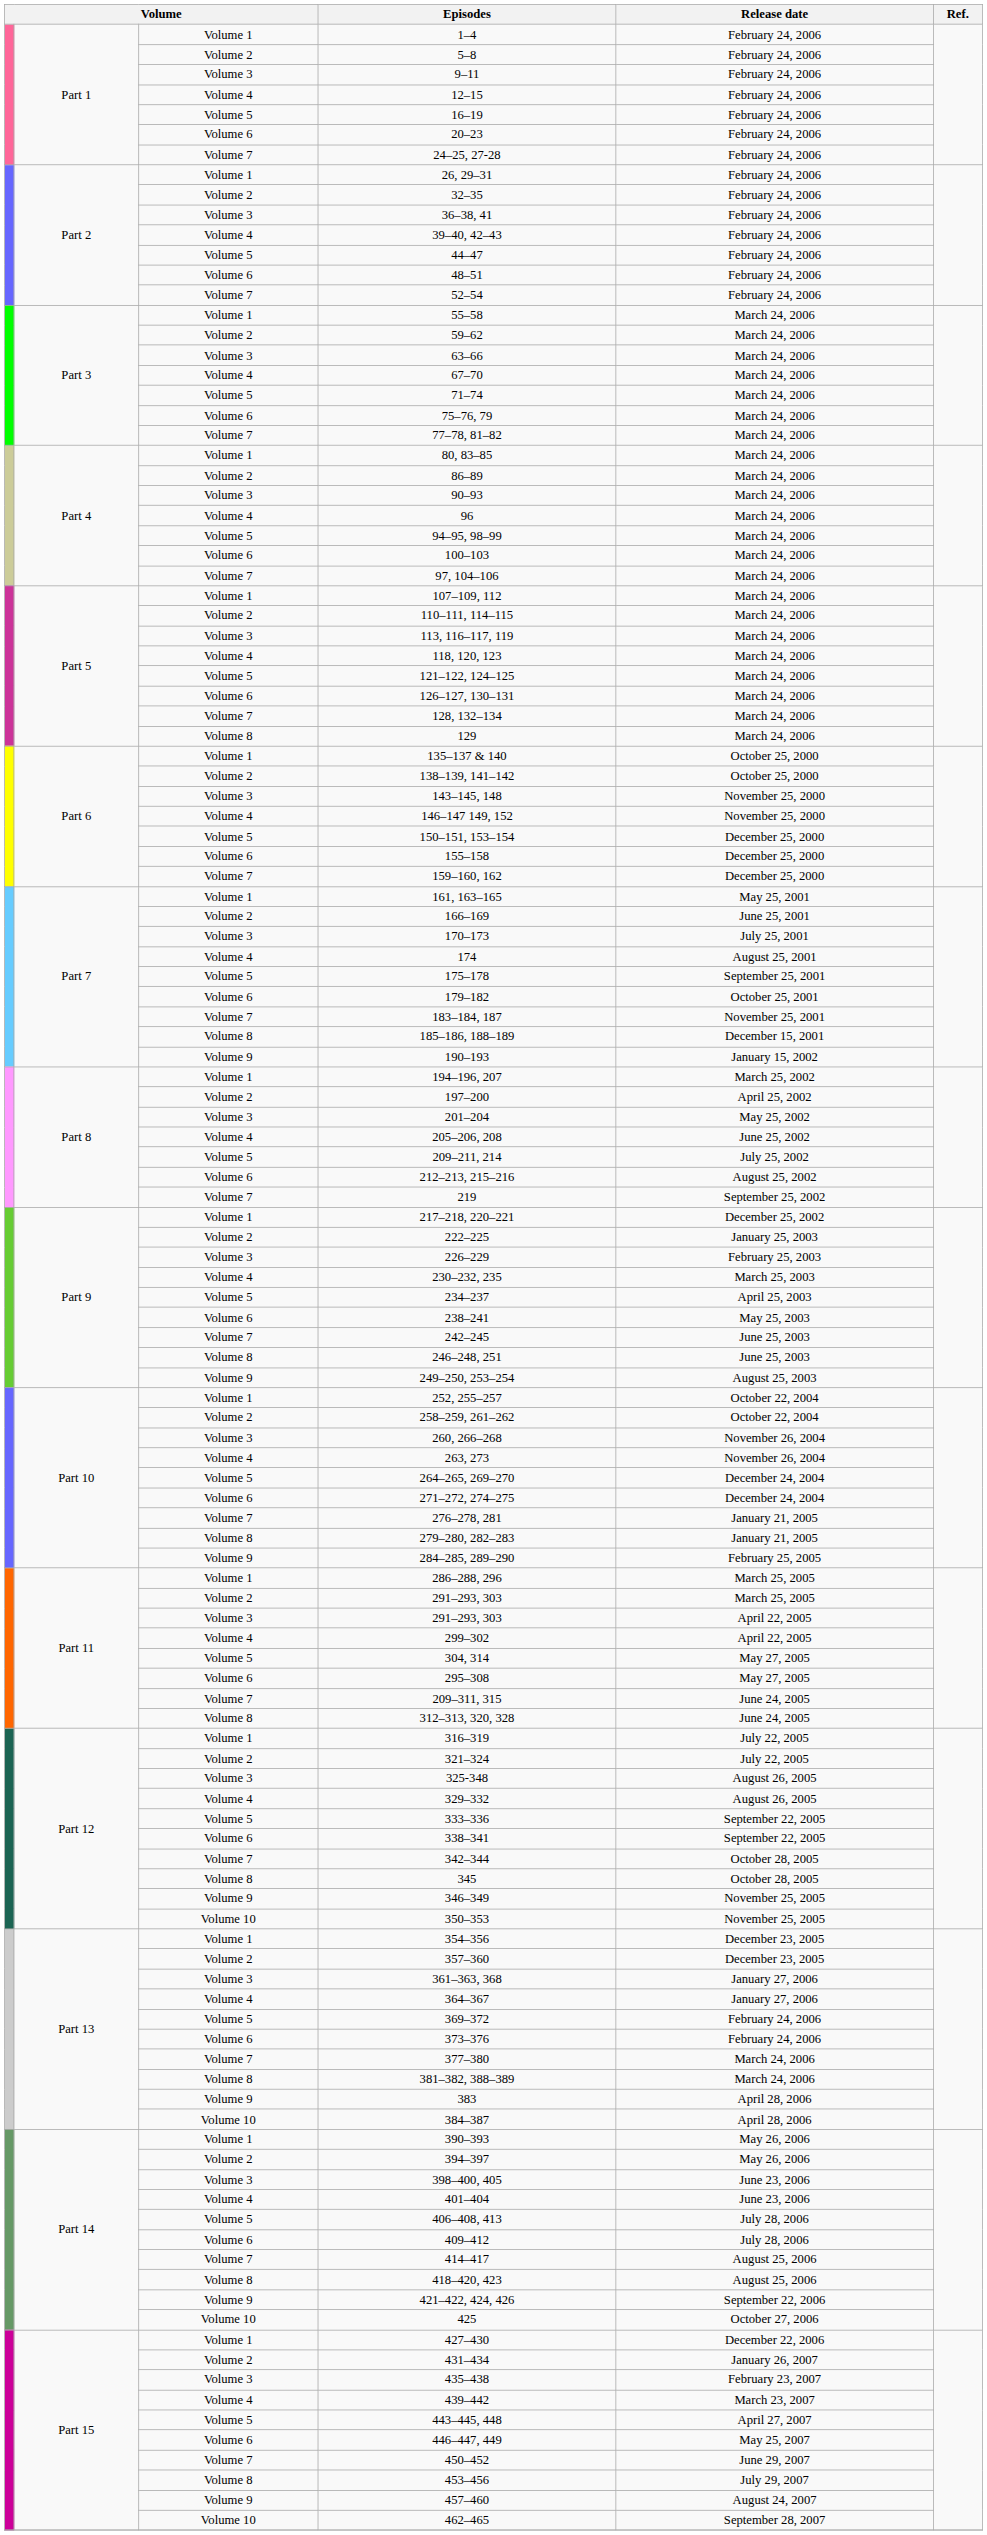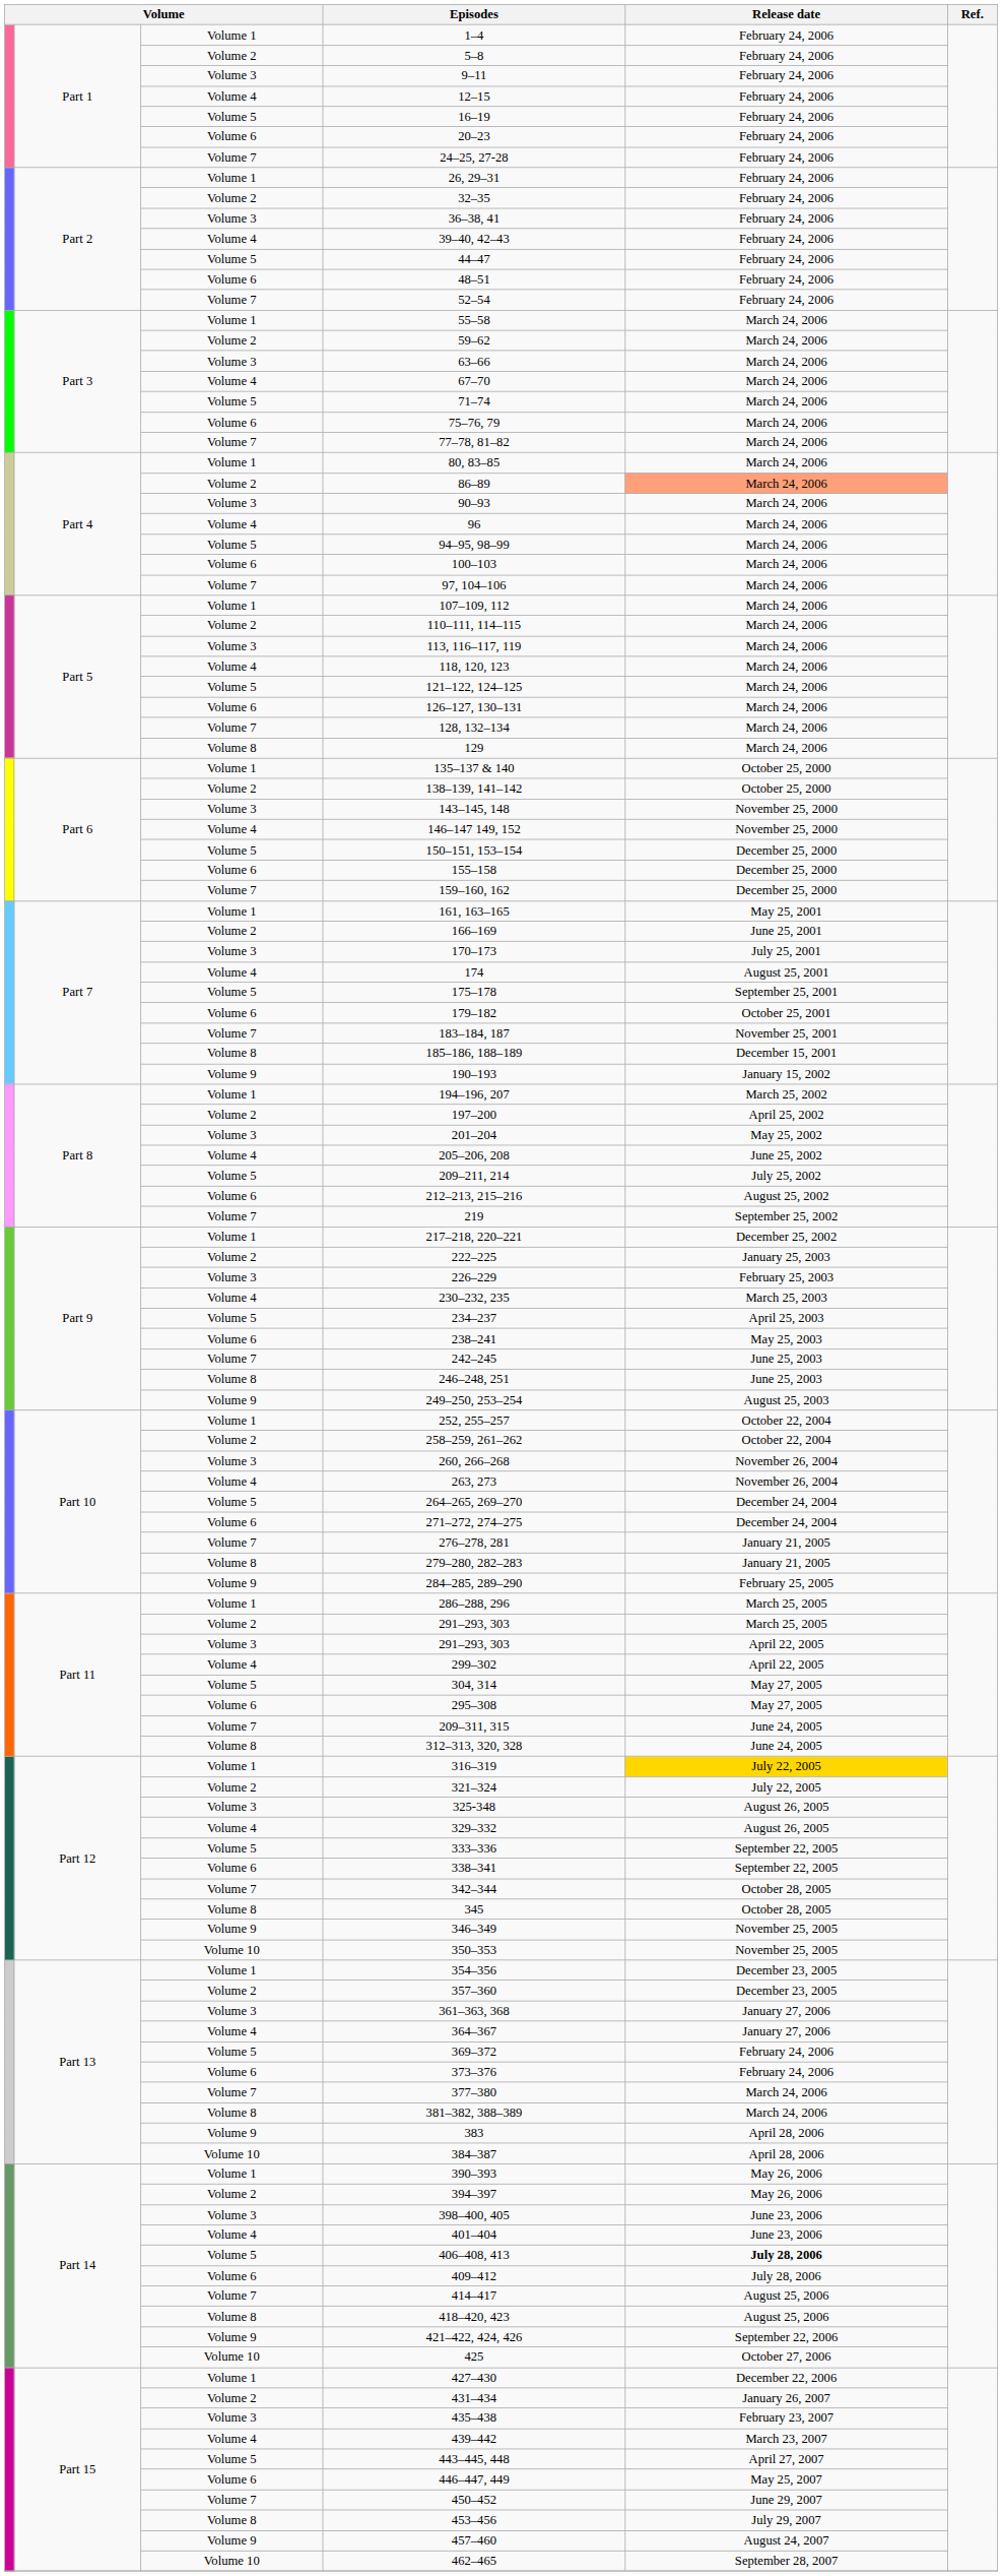 <table class="wikitable" style="text-align: center; width: 98%;">
 <tr>
 <th colspan="3">Volume</th>
 <th>Episodes</th>
 <th>Release date</th>
 <th width="5%">Ref.</th>
 </tr>
 <tr>
 <td rowspan="7" width="1%" style="background: #FF6699;"></td>
 <td rowspan="7">Part 1</td>
 <td>Volume 1</td>
 <td>1–4</td>
 <td>February 24, 2006</td>
 <td rowspan="7"></td>
 </tr>
 <tr>
 <td>Volume 2</td>
 <td>5–8</td>
 <td>February 24, 2006</td>
 </tr>
 <tr>
 <td>Volume 3</td>
 <td>9–11</td>
 <td>February 24, 2006</td>
 </tr>
 <tr>
 <td>Volume 4</td>
 <td>12–15</td>
 <td>February 24, 2006</td>
 </tr>
 <tr>
 <td>Volume 5</td>
 <td>16–19</td>
 <td>February 24, 2006</td>
 </tr>
 <tr>
 <td>Volume 6</td>
 <td>20–23</td>
 <td>February 24, 2006</td>
 </tr>
 <tr>
 <td>Volume 7</td>
 <td>24–25, 27-28</td>
 <td>February 24, 2006</td>
 </tr>
 <tr>
 <td rowspan="7" width="1%" style="background: #6666FF;"></td>
 <td rowspan="7">Part 2</td>
 <td>Volume 1</td>
 <td>26, 29–31</td>
 <td>February 24, 2006</td>
 <td rowspan="7"></td>
 </tr>
 <tr>
 <td>Volume 2</td>
 <td>32–35</td>
 <td>February 24, 2006</td>
 </tr>
 <tr>
 <td>Volume 3</td>
 <td>36–38, 41</td>
 <td>February 24, 2006</td>
 </tr>
 <tr>
 <td>Volume 4</td>
 <td>39–40, 42–43</td>
 <td>February 24, 2006</td>
 </tr>
 <tr>
 <td>Volume 5</td>
 <td>44–47</td>
 <td>February 24, 2006</td>
 </tr>
 <tr>
 <td>Volume 6</td>
 <td>48–51</td>
 <td>February 24, 2006</td>
 </tr>
 <tr>
 <td>Volume 7</td>
 <td>52–54</td>
 <td>February 24, 2006</td>
 </tr>
 <tr>
 <td rowspan="7" width="1%" style="background: #00FF00;"></td>
 <td rowspan="7">Part 3</td>
 <td>Volume 1</td>
 <td>55–58</td>
 <td>March 24, 2006</td>
 <td rowspan="7"></td>
 </tr>
 <tr>
 <td>Volume 2</td>
 <td>59–62</td>
 <td>March 24, 2006</td>
 </tr>
 <tr>
 <td>Volume 3</td>
 <td>63–66</td>
 <td>March 24, 2006</td>
 </tr>
 <tr>
 <td>Volume 4</td>
 <td>67–70</td>
 <td>March 24, 2006</td>
 </tr>
 <tr>
 <td>Volume 5</td>
 <td>71–74</td>
 <td>March 24, 2006</td>
 </tr>
 <tr>
 <td>Volume 6</td>
 <td>75–76, 79</td>
 <td>March 24, 2006</td>
 </tr>
 <tr>
 <td>Volume 7</td>
 <td>77–78, 81–82</td>
 <td>March 24, 2006</td>
 </tr>
 <tr>
 <td rowspan="7" width="1%" style="background: #CCCC99;"></td>
 <td rowspan="7">Part 4</td>
 <td>Volume 1</td>
 <td>80, 83–85</td>
 <td>March 24, 2006</td>
 <td rowspan="7"></td>
 </tr>
 <tr>
 <td>Volume 2</td>
 <td>86–89</td>
-<td>March 24, 2006</td>
+<td style="background: lightsalmon;">March 24, 2006</td>
 </tr>
 <tr>
 <td>Volume 3</td>
 <td>90–93</td>
 <td>March 24, 2006</td>
 </tr>
 <tr>
 <td>Volume 4</td>
 <td>96</td>
 <td>March 24, 2006</td>
 </tr>
 <tr>
 <td>Volume 5</td>
 <td>94–95, 98–99</td>
 <td>March 24, 2006</td>
 </tr>
 <tr>
 <td>Volume 6</td>
 <td>100–103</td>
 <td>March 24, 2006</td>
 </tr>
 <tr>
 <td>Volume 7</td>
 <td>97, 104–106</td>
 <td>March 24, 2006</td>
 </tr>
 <tr>
 <td rowspan="8" width="1%" style="background: #CC3399;"></td>
 <td rowspan="8">Part 5</td>
 <td>Volume 1</td>
 <td>107–109, 112</td>
 <td>March 24, 2006</td>
 <td rowspan="8"></td>
 </tr>
 <tr>
 <td>Volume 2</td>
 <td>110–111, 114–115</td>
 <td>March 24, 2006</td>
 </tr>
 <tr>
 <td>Volume 3</td>
 <td>113, 116–117, 119</td>
 <td>March 24, 2006</td>
 </tr>
 <tr>
 <td>Volume 4</td>
 <td>118, 120, 123</td>
 <td>March 24, 2006</td>
 </tr>
 <tr>
 <td>Volume 5</td>
 <td>121–122, 124–125</td>
 <td>March 24, 2006</td>
 </tr>
 <tr>
 <td>Volume 6</td>
 <td>126–127, 130–131</td>
 <td>March 24, 2006</td>
 </tr>
 <tr>
 <td>Volume 7</td>
 <td>128, 132–134</td>
 <td>March 24, 2006</td>
 </tr>
 <tr>
 <td>Volume 8</td>
 <td>129</td>
 <td>March 24, 2006</td>
 </tr>
 <tr>
 <td rowspan="7" width="1%" style="background: #FFFF00;"></td>
 <td rowspan="7">Part 6</td>
 <td>Volume 1</td>
 <td>135–137 & 140</td>
 <td>October 25, 2000</td>
 <td rowspan="7"></td>
 </tr>
 <tr>
 <td>Volume 2</td>
 <td>138–139, 141–142</td>
 <td>October 25, 2000</td>
 </tr>
 <tr>
 <td>Volume 3</td>
 <td>143–145, 148</td>
 <td>November 25, 2000</td>
 </tr>
 <tr>
 <td>Volume 4</td>
 <td>146–147 149, 152</td>
 <td>November 25, 2000</td>
 </tr>
 <tr>
 <td>Volume 5</td>
 <td>150–151, 153–154</td>
 <td>December 25, 2000</td>
 </tr>
 <tr>
 <td>Volume 6</td>
 <td>155–158</td>
 <td>December 25, 2000</td>
 </tr>
 <tr>
 <td>Volume 7</td>
 <td>159–160, 162</td>
 <td>December 25, 2000</td>
 </tr>
 <tr>
 <td rowspan="9" width="1%" style="background: #66CCFF;"></td>
 <td rowspan="9">Part 7</td>
 <td>Volume 1</td>
 <td>161, 163–165</td>
 <td>May 25, 2001</td>
 <td rowspan="9"></td>
 </tr>
 <tr>
 <td>Volume 2</td>
 <td>166–169</td>
 <td>June 25, 2001</td>
 </tr>
 <tr>
 <td>Volume 3</td>
 <td>170–173</td>
 <td>July 25, 2001</td>
 </tr>
 <tr>
 <td>Volume 4</td>
 <td>174</td>
 <td>August 25, 2001</td>
 </tr>
 <tr>
 <td>Volume 5</td>
 <td>175–178</td>
 <td>September 25, 2001</td>
 </tr>
 <tr>
 <td>Volume 6</td>
 <td>179–182</td>
 <td>October 25, 2001</td>
 </tr>
 <tr>
 <td>Volume 7</td>
 <td>183–184, 187</td>
 <td>November 25, 2001</td>
 </tr>
 <tr>
 <td>Volume 8</td>
 <td>185–186, 188–189</td>
 <td>December 15, 2001</td>
 </tr>
 <tr>
 <td>Volume 9</td>
 <td>190–193</td>
 <td>January 15, 2002</td>
 </tr>
 <tr>
 <td rowspan="7" width="1%" style="background: #FF99FF;"></td>
 <td rowspan="7">Part 8</td>
 <td>Volume 1</td>
 <td>194–196, 207</td>
 <td>March 25, 2002</td>
 <td rowspan="7"></td>
 </tr>
 <tr>
 <td>Volume 2</td>
 <td>197–200</td>
 <td>April 25, 2002</td>
 </tr>
 <tr>
 <td>Volume 3</td>
 <td>201–204</td>
 <td>May 25, 2002</td>
 </tr>
 <tr>
 <td>Volume 4</td>
 <td>205–206, 208</td>
 <td>June 25, 2002</td>
 </tr>
 <tr>
 <td>Volume 5</td>
 <td>209–211, 214</td>
 <td>July 25, 2002</td>
 </tr>
 <tr>
 <td>Volume 6</td>
 <td>212–213, 215–216</td>
 <td>August 25, 2002</td>
 </tr>
 <tr>
 <td>Volume 7</td>
 <td>219</td>
 <td>September 25, 2002</td>
 </tr>
 <tr>
 <td rowspan="9" width="1%" style="background: #66CC33;"></td>
 <td rowspan="9">Part 9</td>
 <td>Volume 1</td>
 <td>217–218, 220–221</td>
 <td>December 25, 2002</td>
 <td rowspan="9"></td>
 </tr>
 <tr>
 <td>Volume 2</td>
 <td>222–225</td>
 <td>January 25, 2003</td>
 </tr>
 <tr>
 <td>Volume 3</td>
 <td>226–229</td>
 <td>February 25, 2003</td>
 </tr>
 <tr>
 <td>Volume 4</td>
 <td>230–232, 235</td>
 <td>March 25, 2003</td>
 </tr>
 <tr>
 <td>Volume 5</td>
 <td>234–237</td>
 <td>April 25, 2003</td>
 </tr>
 <tr>
 <td>Volume 6</td>
 <td>238–241</td>
 <td>May 25, 2003</td>
 </tr>
 <tr>
 <td>Volume 7</td>
 <td>242–245</td>
 <td>June 25, 2003</td>
 </tr>
 <tr>
 <td>Volume 8</td>
 <td>246–248, 251</td>
 <td>June 25, 2003</td>
 </tr>
 <tr>
 <td>Volume 9</td>
 <td>249–250, 253–254</td>
 <td>August 25, 2003</td>
 </tr>
 <tr>
 <td rowspan="9" width="1%" style="background: #6666FF;"></td>
 <td rowspan="9">Part 10</td>
 <td>Volume 1</td>
 <td>252, 255–257</td>
 <td>October 22, 2004</td>
 <td rowspan="9"></td>
 </tr>
 <tr>
 <td>Volume 2</td>
 <td>258–259, 261–262</td>
 <td>October 22, 2004</td>
 </tr>
 <tr>
 <td>Volume 3</td>
 <td>260, 266–268</td>
 <td>November 26, 2004</td>
 </tr>
 <tr>
 <td>Volume 4</td>
 <td>263, 273</td>
 <td>November 26, 2004</td>
 </tr>
 <tr>
 <td>Volume 5</td>
 <td>264–265, 269–270</td>
 <td>December 24, 2004</td>
 </tr>
 <tr>
 <td>Volume 6</td>
 <td>271–272, 274–275</td>
 <td>December 24, 2004</td>
 </tr>
 <tr>
 <td>Volume 7</td>
 <td>276–278, 281</td>
 <td>January 21, 2005</td>
 </tr>
 <tr>
 <td>Volume 8</td>
 <td>279–280, 282–283</td>
 <td>January 21, 2005</td>
 </tr>
 <tr>
 <td>Volume 9</td>
 <td>284–285, 289–290</td>
 <td>February 25, 2005</td>
 </tr>
 <tr>
 <td rowspan="8" width="1%" style="background: #FF6600;"></td>
 <td rowspan="8">Part 11</td>
 <td>Volume 1</td>
 <td>286–288, 296</td>
 <td>March 25, 2005</td>
 <td rowspan="8"></td>
 </tr>
 <tr>
 <td>Volume 2</td>
 <td>291–293, 303</td>
 <td>March 25, 2005</td>
 </tr>
 <tr>
 <td>Volume 3</td>
 <td>291–293, 303</td>
 <td>April 22, 2005</td>
 </tr>
 <tr>
 <td>Volume 4</td>
 <td>299–302</td>
 <td>April 22, 2005</td>
 </tr>
 <tr>
 <td>Volume 5</td>
 <td>304, 314</td>
 <td>May 27, 2005</td>
 </tr>
 <tr>
 <td>Volume 6</td>
 <td>295–308</td>
 <td>May 27, 2005</td>
 </tr>
 <tr>
 <td>Volume 7</td>
 <td>209–311, 315</td>
 <td>June 24, 2005</td>
 </tr>
 <tr>
 <td>Volume 8</td>
 <td>312–313, 320, 328</td>
 <td>June 24, 2005</td>
 </tr>
 <tr>
 <td rowspan="10" width="1%" style="background: #1B6453;"></td>
 <td rowspan="10">Part 12</td>
 <td>Volume 1</td>
 <td>316–319</td>
-<td>July 22, 2005</td>
+<td style="background: gold;">July 22, 2005</td>
 <td rowspan="10"></td>
 </tr>
 <tr>
 <td>Volume 2</td>
 <td>321–324</td>
 <td>July 22, 2005</td>
 </tr>
 <tr>
 <td>Volume 3</td>
 <td>325-348</td>
 <td>August 26, 2005</td>
 </tr>
 <tr>
 <td>Volume 4</td>
 <td>329–332</td>
 <td>August 26, 2005</td>
 </tr>
 <tr>
 <td>Volume 5</td>
 <td>333–336</td>
 <td>September 22, 2005</td>
 </tr>
 <tr>
 <td>Volume 6</td>
 <td>338–341</td>
 <td>September 22, 2005</td>
 </tr>
 <tr>
 <td>Volume 7</td>
 <td>342–344</td>
 <td>October 28, 2005</td>
 </tr>
 <tr>
 <td>Volume 8</td>
 <td>345</td>
 <td>October 28, 2005</td>
 </tr>
 <tr>
 <td>Volume 9</td>
 <td>346–349</td>
 <td>November 25, 2005</td>
 </tr>
 <tr>
 <td>Volume 10</td>
 <td>350–353</td>
 <td>November 25, 2005</td>
 </tr>
 <tr>
 <td rowspan="10" width="1%" style="background: #CCCCCC;"></td>
 <td rowspan="10">Part 13</td>
 <td>Volume 1</td>
 <td>354–356</td>
 <td>December 23, 2005</td>
 <td rowspan="10"></td>
 </tr>
 <tr>
 <td>Volume 2</td>
 <td>357–360</td>
 <td>December 23, 2005</td>
 </tr>
 <tr>
 <td>Volume 3</td>
 <td>361–363, 368</td>
 <td>January 27, 2006</td>
 </tr>
 <tr>
 <td>Volume 4</td>
 <td>364–367</td>
 <td>January 27, 2006</td>
 </tr>
 <tr>
 <td>Volume 5</td>
 <td>369–372</td>
 <td>February 24, 2006</td>
 </tr>
 <tr>
 <td>Volume 6</td>
 <td>373–376</td>
 <td>February 24, 2006</td>
 </tr>
 <tr>
 <td>Volume 7</td>
 <td>377–380</td>
 <td>March 24, 2006</td>
 </tr>
 <tr>
 <td>Volume 8</td>
 <td>381–382, 388–389</td>
 <td>March 24, 2006</td>
 </tr>
 <tr>
 <td>Volume 9</td>
 <td>383</td>
 <td>April 28, 2006</td>
 </tr>
 <tr>
 <td>Volume 10</td>
 <td>384–387</td>
 <td>April 28, 2006</td>
 </tr>
 <tr>
 <td rowspan="10" width="1%" style="background: #669966;"></td>
 <td rowspan="10">Part 14</td>
 <td>Volume 1</td>
 <td>390–393</td>
 <td>May 26, 2006</td>
 <td rowspan="10"></td>
 </tr>
 <tr>
 <td>Volume 2</td>
 <td>394–397</td>
 <td>May 26, 2006</td>
 </tr>
 <tr>
 <td>Volume 3</td>
 <td>398–400, 405</td>
 <td>June 23, 2006</td>
 </tr>
 <tr>
 <td>Volume 4</td>
 <td>401–404</td>
 <td>June 23, 2006</td>
 </tr>
 <tr>
 <td>Volume 5</td>
 <td>406–408, 413</td>
-<td>July 28, 2006</td>
+<td><strong>July 28, 2006</strong></td>
 </tr>
 <tr>
 <td>Volume 6</td>
 <td>409–412</td>
 <td>July 28, 2006</td>
 </tr>
 <tr>
 <td>Volume 7</td>
 <td>414–417</td>
 <td>August 25, 2006</td>
 </tr>
 <tr>
 <td>Volume 8</td>
 <td>418–420, 423</td>
 <td>August 25, 2006</td>
 </tr>
 <tr>
 <td>Volume 9</td>
 <td>421–422, 424, 426</td>
 <td>September 22, 2006</td>
 </tr>
 <tr>
 <td>Volume 10</td>
 <td>425</td>
 <td>October 27, 2006</td>
 </tr>
 <tr>
 <td rowspan="10" width="1%" style="background: #CC0099;"></td>
 <td rowspan="10">Part 15</td>
 <td>Volume 1</td>
 <td>427–430</td>
 <td>December 22, 2006</td>
 <td rowspan="10"></td>
 </tr>
 <tr>
 <td>Volume 2</td>
 <td>431–434</td>
 <td>January 26, 2007</td>
 </tr>
 <tr>
 <td>Volume 3</td>
 <td>435–438</td>
 <td>February 23, 2007</td>
 </tr>
 <tr>
 <td>Volume 4</td>
 <td>439–442</td>
 <td>March 23, 2007</td>
 </tr>
 <tr>
 <td>Volume 5</td>
 <td>443–445, 448</td>
 <td>April 27, 2007</td>
 </tr>
 <tr>
 <td>Volume 6</td>
 <td>446–447, 449</td>
 <td>May 25, 2007</td>
 </tr>
 <tr>
 <td>Volume 7</td>
 <td>450–452</td>
 <td>June 29, 2007</td>
 </tr>
 <tr>
 <td>Volume 8</td>
 <td>453–456</td>
 <td>July 29, 2007</td>
 </tr>
 <tr>
 <td>Volume 9</td>
 <td>457–460</td>
 <td>August 24, 2007</td>
 </tr>
 <tr>
 <td>Volume 10</td>
 <td>462–465</td>
 <td>September 28, 2007</td>
 </tr>
 <tr>
 </tr>
 </table>
